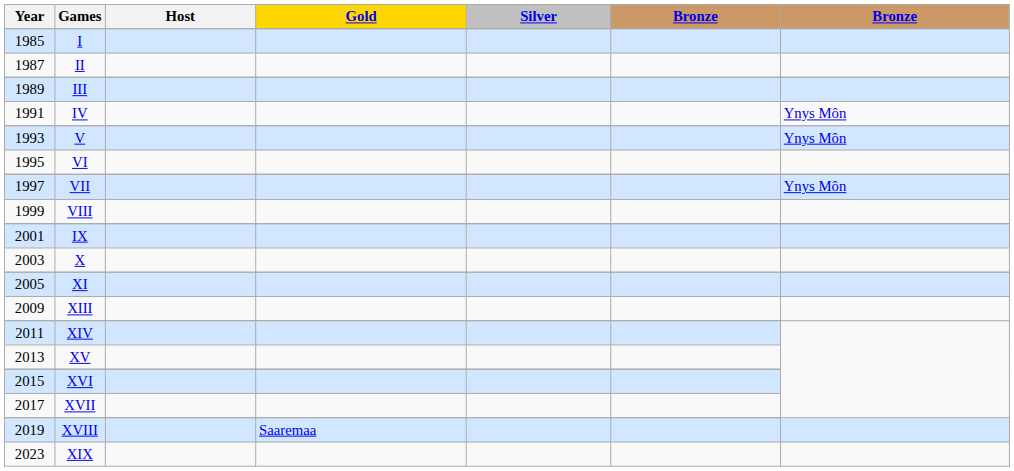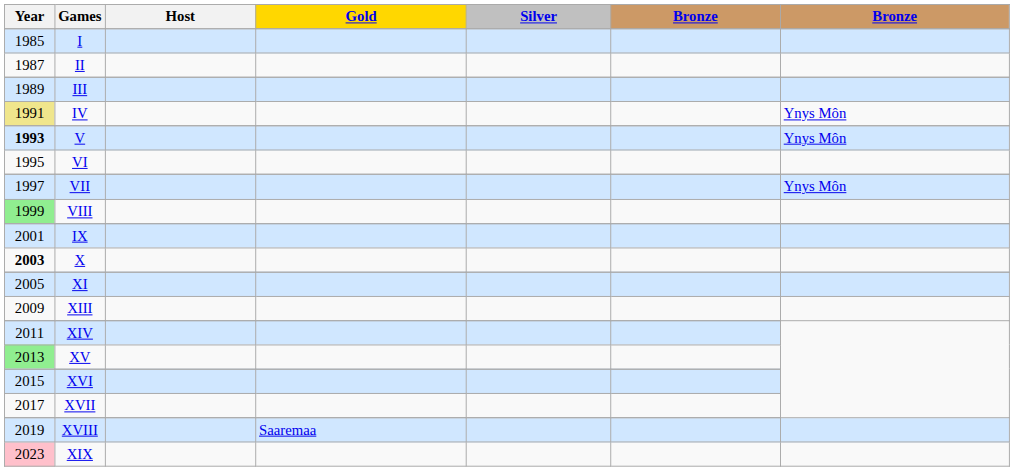 <table class="wikitable" style="text-align: center; font-size:95%;">
 <tr>
 <th rowspan="2" style="width:5%;">Year</th>
 <th rowspan="2" style="width:5%;">Games</th>
 <th rowspan="2" style="width:15%;">Host</th>
 </tr>
 <tr>
 <th style="background-color: gold"><a href='#'>Gold</a></th>
 <th style="background-color: silver"><a href='#'>Silver</a></th>
 <th style="background-color: #CC9966"><a href='#'>Bronze</a></th>
 <th style="background-color: #CC9966"><a href='#'>Bronze</a></th>
 </tr>
 <tr>
 </tr>
 <tr style="text-align:center; background:#d0e7ff;">
 <td>1985</td>
 <td align=center><a href='#'>I</a></td>
 <td align="left"></td>
 <td align="left"></td>
 <td align="left"></td>
 <td align="left"></td>
 <td align="left"></td>
 </tr>
 <tr>
 <td>1987</td>
 <td align=center><a href='#'>II</a></td>
 <td align="left"></td>
 <td align="left"></td>
 <td align="left"></td>
 <td align="left"></td>
 <td align="left"></td>
 </tr>
 <tr>
 </tr>
 <tr style="text-align:center; background:#d0e7ff;">
 <td>1989</td>
 <td align=center><a href='#'>III</a></td>
 <td align="left"></td>
 <td align="left"></td>
 <td align="left"></td>
 <td align="left"></td>
 <td align="left"></td>
 </tr>
 <tr>
-<td>1991</td>
+<td style="background: khaki;">1991</td>
 <td align=center><a href='#'>IV</a></td>
 <td align="left"></td>
 <td align="left"></td>
 <td align="left"></td>
 <td align="left"></td>
 <td align="left"> <a href='#'>Ynys Môn</a></td>
 </tr>
 <tr>
 </tr>
 <tr style="text-align:center; background:#d0e7ff;">
-<td>1993</td>
+<td><strong>1993</strong></td>
 <td align=center><a href='#'>V</a></td>
 <td align="left"></td>
 <td align="left"></td>
 <td align="left"></td>
 <td align="left"></td>
 <td align="left"> <a href='#'>Ynys Môn</a></td>
 </tr>
 <tr>
 <td>1995</td>
 <td align=center><a href='#'>VI</a></td>
 <td align="left"></td>
 <td align="left"></td>
 <td align="left"></td>
 <td align="left"></td>
 <td align="left"></td>
 </tr>
 <tr>
 </tr>
 <tr style="text-align:center; background:#d0e7ff;">
 <td>1997</td>
 <td align=center><a href='#'>VII</a></td>
 <td align="left"></td>
 <td align="left"></td>
 <td align="left"></td>
 <td align="left"></td>
 <td align="left"> <a href='#'>Ynys Môn</a></td>
 </tr>
 <tr>
-<td>1999</td>
+<td style="background: lightgreen;">1999</td>
 <td align=center><a href='#'>VIII</a></td>
 <td align="left"></td>
 <td align="left"></td>
 <td align="left"></td>
 <td align="left"></td>
 <td align="left"></td>
 </tr>
 <tr>
 </tr>
 <tr style="text-align:center; background:#d0e7ff;">
 <td>2001</td>
 <td align=center><a href='#'>IX</a></td>
 <td align="left"></td>
 <td align="left"></td>
 <td align="left"></td>
 <td align="left"></td>
 <td align="left"></td>
 </tr>
 <tr>
-<td>2003</td>
+<td><strong>2003</strong></td>
 <td align=center><a href='#'>X</a></td>
 <td align="left"></td>
 <td align="left"></td>
 <td align="left"></td>
 <td align="left"></td>
 <td align="left"></td>
 </tr>
 <tr>
 </tr>
 <tr style="text-align:center; background:#d0e7ff;">
 <td>2005</td>
 <td align=center><a href='#'>XI</a></td>
 <td align="left"></td>
 <td align="left"></td>
 <td align="left"></td>
 <td align="left"></td>
 <td align="left"></td>
 </tr>
 <tr>
 <td>2009</td>
 <td align=center><a href='#'>XIII</a></td>
 <td align="left"></td>
 <td align="left"></td>
 <td align="left"></td>
 <td align="left"></td>
 <td align="left"></td>
 </tr>
 <tr>
 </tr>
 <tr style="text-align:center; background:#d0e7ff;">
 <td>2011</td>
 <td align=center><a href='#'>XIV</a></td>
 <td align="left"></td>
 <td align="left"></td>
 <td align="left"></td>
 <td align="left"></td>
 </tr>
 <tr>
-<td>2013</td>
+<td style="background: lightgreen;">2013</td>
 <td align=center><a href='#'>XV</a></td>
 <td align="left"></td>
 <td align="left"></td>
 <td align="left"></td>
 <td align="left"></td>
 </tr>
 <tr>
 </tr>
 <tr style="text-align:center; background:#d0e7ff;">
 <td>2015</td>
 <td align=center><a href='#'>XVI</a></td>
 <td align="left"></td>
 <td align="left"></td>
 <td align="left"></td>
 <td align="left"></td>
 </tr>
 <tr>
 <td>2017</td>
 <td align=center><a href='#'>XVII</a></td>
 <td align="left"></td>
 <td align="left"></td>
 <td align="left"></td>
 <td align="left"></td>
 </tr>
 <tr>
 </tr>
 <tr style="text-align:center; background:#d0e7ff;">
 <td>2019</td>
 <td align=center><a href='#'>XVIII</a></td>
 <td align="left"></td>
 <td align="left"> <a href='#'>Saaremaa</a></td>
 <td align="left"></td>
 <td align="left"></td>
 <td align="left"></td>
 </tr>
 <tr>
-<td>2023</td>
+<td style="background: pink;">2023</td>
 <td align=center><a href='#'>XIX</a></td>
 <td align="left"></td>
 <td align="left"></td>
 <td align="left"></td>
 <td align="left"></td>
 <td align="left"></td>
 </tr>
 </table>
